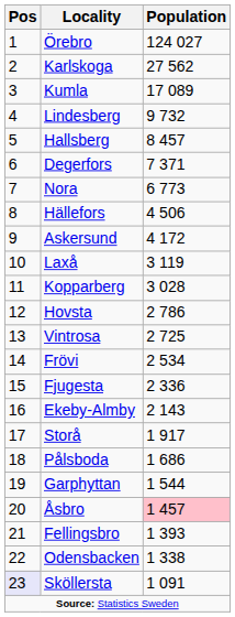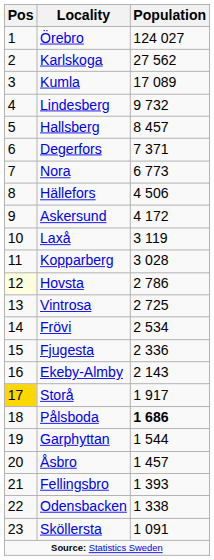 <table class="wikitable sortable">
 <tr>
 <th>Pos</th>
 <th>Locality</th>
 <th>Population</th>
 </tr>
 <tr>
 <td>1</td>
 <td><a href='#'>Örebro</a></td>
 <td>124 027</td>
 </tr>
 <tr>
 <td>2</td>
 <td><a href='#'>Karlskoga</a></td>
 <td>27 562</td>
 </tr>
 <tr>
 <td>3</td>
 <td><a href='#'>Kumla</a></td>
 <td>17 089</td>
 </tr>
 <tr>
 <td>4</td>
 <td><a href='#'>Lindesberg</a></td>
 <td>9 732</td>
 </tr>
 <tr>
 <td>5</td>
 <td><a href='#'>Hallsberg</a></td>
 <td>8 457</td>
 </tr>
 <tr>
 <td>6</td>
 <td><a href='#'>Degerfors</a></td>
 <td>7 371</td>
 </tr>
 <tr>
 <td>7</td>
 <td><a href='#'>Nora</a></td>
 <td>6 773</td>
 </tr>
 <tr>
 <td>8</td>
 <td><a href='#'>Hällefors</a></td>
 <td>4 506</td>
 </tr>
 <tr>
 <td>9</td>
 <td><a href='#'>Askersund</a></td>
 <td>4 172</td>
 </tr>
 <tr>
 <td>10</td>
 <td><a href='#'>Laxå</a></td>
 <td>3 119</td>
 </tr>
 <tr>
 <td>11</td>
 <td><a href='#'>Kopparberg</a></td>
 <td>3 028</td>
 </tr>
 <tr>
-<td>12</td>
+<td style="background: lightyellow;">12</td>
 <td><a href='#'>Hovsta</a></td>
 <td>2 786</td>
 </tr>
 <tr>
 <td>13</td>
 <td><a href='#'>Vintrosa</a></td>
 <td>2 725</td>
 </tr>
 <tr>
 <td>14</td>
 <td><a href='#'>Frövi</a></td>
 <td>2 534</td>
 </tr>
 <tr>
 <td>15</td>
 <td><a href='#'>Fjugesta</a></td>
 <td>2 336</td>
 </tr>
 <tr>
 <td>16</td>
 <td><a href='#'>Ekeby-Almby</a></td>
 <td>2 143</td>
 </tr>
 <tr>
-<td>17</td>
+<td style="background: gold;">17</td>
 <td><a href='#'>Storå</a></td>
 <td>1 917</td>
 </tr>
 <tr>
 <td>18</td>
 <td><a href='#'>Pålsboda</a></td>
-<td>1 686</td>
+<td><strong>1 686</strong></td>
 </tr>
 <tr>
 <td>19</td>
 <td><a href='#'>Garphyttan</a></td>
 <td>1 544</td>
 </tr>
 <tr>
 <td>20</td>
 <td><a href='#'>Åsbro</a></td>
-<td style="background: pink;">1 457</td>
+<td>1 457</td>
 </tr>
 <tr>
 <td>21</td>
 <td><a href='#'>Fellingsbro</a></td>
 <td>1 393</td>
 </tr>
 <tr>
 <td>22</td>
 <td><a href='#'>Odensbacken</a></td>
 <td>1 338</td>
 </tr>
 <tr>
-<td style="background: lavender;">23</td>
+<td>23</td>
 <td><a href='#'>Sköllersta</a></td>
 <td>1 091</td>
 </tr>
 <tr>
 <td align="center" colspan="30" style="font-size: 8pt"><strong>Source:</strong> <a href='#'>Statistics Sweden</a></td>
 </tr>
 </table>
